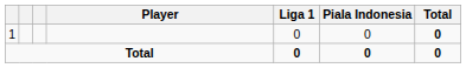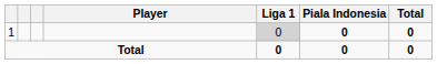 <table class="wikitable sortable" style="font-size: 95%; text-align: center;">
 <tr>
 <th width=10></th>
 <th width=10></th>
 <th width=10></th>
 <th width=275>Player</th>
 <th width=50>Liga 1</th>
 <th>Piala Indonesia</th>
 <th width=50>Total</th>
 </tr>
 <tr>
 <td>1</td>
 <td></td>
 <td></td>
 <td align=left></td>
-<td>0</td>
-<td>0</td>
+<td style="background: lightgrey;">0</td>
+<td><strong>0</strong></td>
 <td><strong>0</strong></td>
 </tr>
 <tr class="sortbottom">
 <td colspan=4><strong>Total</strong></td>
 <td><strong>0</strong></td>
 <td><strong>0</strong></td>
 <td><strong>0</strong></td>
 </tr>
 </table>
